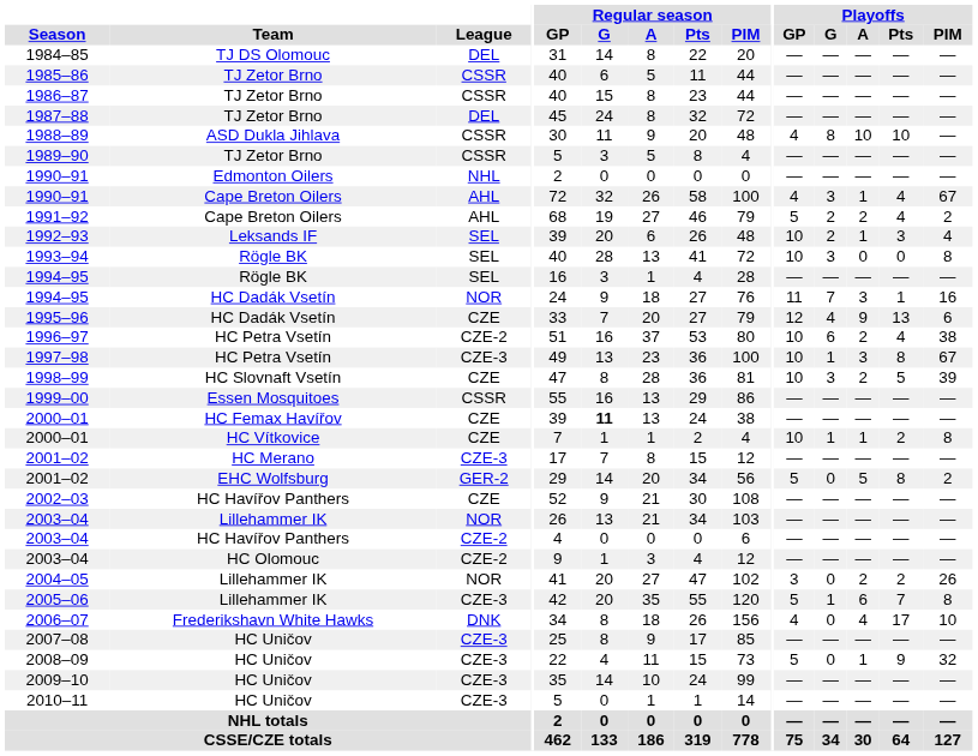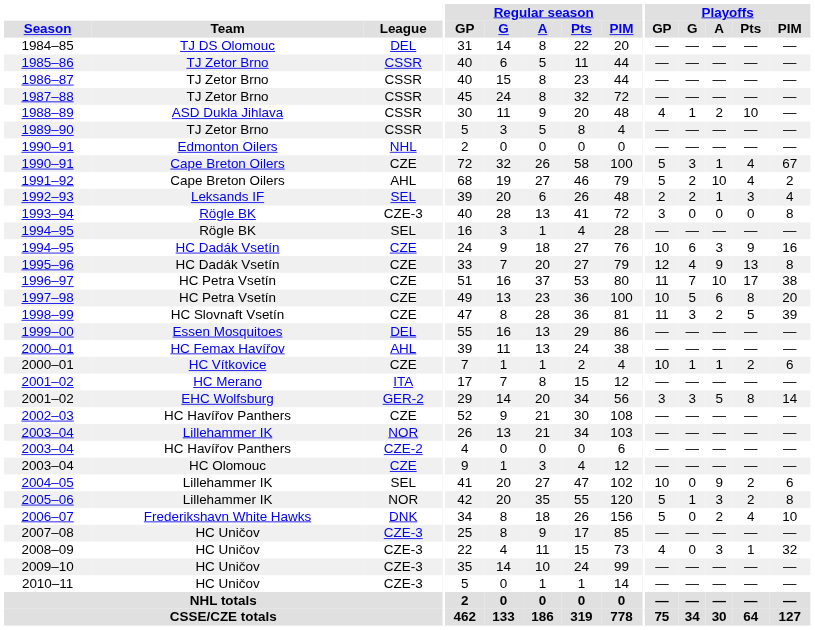 <table border="0" cellpadding="1" cellspacing="0" style="text-align:center; width:60em">
 <tr bgcolor="#e0e0e0">
 <th colspan="3" bgcolor="#ffffff"></th>
 <th rowspan="100" bgcolor="#ffffff"></th>
 <th colspan="5"><a href='#'>Regular season</a></th>
 <th rowspan="100" bgcolor="#ffffff"></th>
 <th colspan="5"><a href='#'>Playoffs</a></th>
 </tr>
 <tr bgcolor="#e0e0e0">
 <th><a href='#'>Season</a></th>
 <th>Team</th>
 <th>League</th>
 <th>GP</th>
 <th><a href='#'>G</a></th>
 <th><a href='#'>A</a></th>
 <th><a href='#'>Pts</a></th>
 <th><a href='#'>PIM</a></th>
 <th>GP</th>
 <th>G</th>
 <th>A</th>
 <th>Pts</th>
 <th>PIM</th>
 </tr>
 <tr>
 <td>1984–85</td>
 <td><a href='#'>TJ DS Olomouc</a></td>
 <td><a href='#'>DEL</a></td>
 <td>31</td>
 <td>14</td>
 <td>8</td>
 <td>22</td>
 <td>20</td>
 <td>—</td>
 <td>—</td>
 <td>—</td>
 <td>—</td>
 <td>—</td>
 </tr>
 <tr bgcolor="#f0f0f0">
 <td><a href='#'>1985–86</a></td>
 <td><a href='#'>TJ Zetor Brno</a></td>
 <td><a href='#'>CSSR</a></td>
 <td>40</td>
 <td>6</td>
 <td>5</td>
 <td>11</td>
 <td>44</td>
 <td>—</td>
 <td>—</td>
 <td>—</td>
 <td>—</td>
 <td>—</td>
 </tr>
 <tr>
 <td><a href='#'>1986–87</a></td>
 <td>TJ Zetor Brno</td>
 <td>CSSR</td>
 <td>40</td>
 <td>15</td>
 <td>8</td>
 <td>23</td>
 <td>44</td>
 <td>—</td>
 <td>—</td>
 <td>—</td>
 <td>—</td>
 <td>—</td>
 </tr>
 <tr bgcolor="#f0f0f0">
 <td><a href='#'>1987–88</a></td>
 <td>TJ Zetor Brno</td>
-<td><a href='#'>DEL</a></td>
+<td>CSSR</td>
 <td>45</td>
 <td>24</td>
 <td>8</td>
 <td>32</td>
 <td>72</td>
 <td>—</td>
 <td>—</td>
 <td>—</td>
 <td>—</td>
 <td>—</td>
 </tr>
 <tr>
 <td><a href='#'>1988–89</a></td>
 <td><a href='#'>ASD Dukla Jihlava</a></td>
 <td>CSSR</td>
 <td>30</td>
 <td>11</td>
 <td>9</td>
 <td>20</td>
 <td>48</td>
 <td>4</td>
-<td>8</td>
-<td>10</td>
+<td>1</td>
+<td>2</td>
 <td>10</td>
 <td>—</td>
 </tr>
 <tr bgcolor="#f0f0f">
 <td><a href='#'>1989–90</a></td>
 <td>TJ Zetor Brno</td>
 <td>CSSR</td>
 <td>5</td>
 <td>3</td>
 <td>5</td>
 <td>8</td>
 <td>4</td>
 <td>—</td>
 <td>—</td>
 <td>—</td>
 <td>—</td>
 <td>—</td>
 </tr>
 <tr>
 <td><a href='#'>1990–91</a></td>
 <td><a href='#'>Edmonton Oilers</a></td>
 <td><a href='#'>NHL</a></td>
 <td>2</td>
 <td>0</td>
 <td>0</td>
 <td>0</td>
 <td>0</td>
 <td>—</td>
 <td>—</td>
 <td>—</td>
 <td>—</td>
 <td>—</td>
 </tr>
 <tr bgcolor="#f0f0f0">
 <td><a href='#'>1990–91</a></td>
 <td><a href='#'>Cape Breton Oilers</a></td>
-<td><a href='#'>AHL</a></td>
+<td>CZE</td>
 <td>72</td>
 <td>32</td>
 <td>26</td>
 <td>58</td>
 <td>100</td>
-<td>4</td>
+<td>5</td>
 <td>3</td>
 <td>1</td>
 <td>4</td>
 <td>67</td>
 </tr>
 <tr>
 <td><a href='#'>1991–92</a></td>
 <td>Cape Breton Oilers</td>
 <td>AHL</td>
 <td>68</td>
 <td>19</td>
 <td>27</td>
 <td>46</td>
 <td>79</td>
 <td>5</td>
 <td>2</td>
-<td>2</td>
+<td>10</td>
 <td>4</td>
 <td>2</td>
 </tr>
 <tr bgcolor="#f0f0f0">
 <td><a href='#'>1992–93</a></td>
 <td><a href='#'>Leksands IF</a></td>
 <td><a href='#'>SEL</a></td>
 <td>39</td>
 <td>20</td>
 <td>6</td>
 <td>26</td>
 <td>48</td>
-<td>10</td>
+<td>2</td>
 <td>2</td>
 <td>1</td>
 <td>3</td>
 <td>4</td>
 </tr>
 <tr>
 <td><a href='#'>1993–94</a></td>
 <td><a href='#'>Rögle BK</a></td>
-<td>SEL</td>
+<td>CZE-3</td>
 <td>40</td>
 <td>28</td>
 <td>13</td>
 <td>41</td>
 <td>72</td>
-<td>10</td>
 <td>3</td>
+<td>0</td>
 <td>0</td>
 <td>0</td>
 <td>8</td>
 </tr>
 <tr bgcolor="#f0f0f0">
 <td><a href='#'>1994–95</a></td>
 <td>Rögle BK</td>
 <td>SEL</td>
 <td>16</td>
 <td>3</td>
 <td>1</td>
 <td>4</td>
 <td>28</td>
 <td>—</td>
 <td>—</td>
 <td>—</td>
 <td>—</td>
 <td>—</td>
 </tr>
 <tr>
 <td><a href='#'>1994–95</a></td>
 <td><a href='#'>HC Dadák Vsetín</a></td>
-<td><a href='#'>NOR</a></td>
+<td><a href='#'>CZE</a></td>
 <td>24</td>
 <td>9</td>
 <td>18</td>
 <td>27</td>
 <td>76</td>
-<td>11</td>
-<td>7</td>
+<td>10</td>
+<td>6</td>
 <td>3</td>
-<td>1</td>
+<td>9</td>
 <td>16</td>
 </tr>
 <tr bgcolor="#f0f0f0">
 <td><a href='#'>1995–96</a></td>
 <td>HC Dadák Vsetín</td>
 <td>CZE</td>
 <td>33</td>
 <td>7</td>
 <td>20</td>
 <td>27</td>
 <td>79</td>
 <td>12</td>
 <td>4</td>
 <td>9</td>
 <td>13</td>
-<td>6</td>
+<td>8</td>
 </tr>
 <tr>
 <td><a href='#'>1996–97</a></td>
 <td>HC Petra Vsetín</td>
-<td>CZE-2</td>
+<td>CZE</td>
 <td>51</td>
 <td>16</td>
 <td>37</td>
 <td>53</td>
 <td>80</td>
+<td>11</td>
+<td>7</td>
 <td>10</td>
-<td>6</td>
-<td>2</td>
-<td>4</td>
+<td>17</td>
 <td>38</td>
 </tr>
 <tr bgcolor="#f0f0f0">
 <td><a href='#'>1997–98</a></td>
 <td>HC Petra Vsetín</td>
-<td>CZE-3</td>
+<td>CZE</td>
 <td>49</td>
 <td>13</td>
 <td>23</td>
 <td>36</td>
 <td>100</td>
 <td>10</td>
-<td>1</td>
-<td>3</td>
+<td>5</td>
+<td>6</td>
 <td>8</td>
-<td>67</td>
+<td>20</td>
 </tr>
 <tr>
 <td><a href='#'>1998–99</a></td>
 <td>HC Slovnaft Vsetín</td>
 <td>CZE</td>
 <td>47</td>
 <td>8</td>
 <td>28</td>
 <td>36</td>
 <td>81</td>
-<td>10</td>
+<td>11</td>
 <td>3</td>
 <td>2</td>
 <td>5</td>
 <td>39</td>
 </tr>
 <tr bgcolor="#f0f0f0">
 <td><a href='#'>1999–00</a></td>
 <td><a href='#'>Essen Mosquitoes</a></td>
-<td>CSSR</td>
+<td><a href='#'>DEL</a></td>
 <td>55</td>
 <td>16</td>
 <td>13</td>
 <td>29</td>
 <td>86</td>
 <td>—</td>
 <td>—</td>
 <td>—</td>
 <td>—</td>
 <td>—</td>
 </tr>
 <tr>
 <td><a href='#'>2000–01</a></td>
 <td><a href='#'>HC Femax Havířov</a></td>
-<td>CZE</td>
+<td><a href='#'>AHL</a></td>
 <td>39</td>
-<td><strong>11</strong></td>
+<td>11</td>
 <td>13</td>
 <td>24</td>
 <td>38</td>
 <td>—</td>
 <td>—</td>
 <td>—</td>
 <td>—</td>
 <td>—</td>
 </tr>
 <tr bgcolor="#f0f0f0">
 <td>2000–01</td>
 <td><a href='#'>HC Vítkovice</a></td>
 <td>CZE</td>
 <td>7</td>
 <td>1</td>
 <td>1</td>
 <td>2</td>
 <td>4</td>
 <td>10</td>
 <td>1</td>
 <td>1</td>
 <td>2</td>
-<td>8</td>
+<td>6</td>
 </tr>
 <tr>
 <td><a href='#'>2001–02</a></td>
 <td><a href='#'>HC Merano</a></td>
-<td><a href='#'>CZE-3</a></td>
+<td><a href='#'>ITA</a></td>
 <td>17</td>
 <td>7</td>
 <td>8</td>
 <td>15</td>
 <td>12</td>
 <td>—</td>
 <td>—</td>
 <td>—</td>
 <td>—</td>
 <td>—</td>
 </tr>
 <tr bgcolor="#f0f0f0">
 <td>2001–02</td>
 <td><a href='#'>EHC Wolfsburg</a></td>
 <td><a href='#'>GER-2</a></td>
 <td>29</td>
 <td>14</td>
 <td>20</td>
 <td>34</td>
 <td>56</td>
-<td>5</td>
-<td>0</td>
+<td>3</td>
+<td>3</td>
 <td>5</td>
 <td>8</td>
-<td>2</td>
+<td>14</td>
 </tr>
 <tr>
 <td><a href='#'>2002–03</a></td>
 <td>HC Havířov Panthers</td>
 <td>CZE</td>
 <td>52</td>
 <td>9</td>
 <td>21</td>
 <td>30</td>
 <td>108</td>
 <td>—</td>
 <td>—</td>
 <td>—</td>
 <td>—</td>
 <td>—</td>
 </tr>
 <tr bgcolor="#f0f0f0">
 <td><a href='#'>2003–04</a></td>
 <td><a href='#'>Lillehammer IK</a></td>
 <td><a href='#'>NOR</a></td>
 <td>26</td>
 <td>13</td>
 <td>21</td>
 <td>34</td>
 <td>103</td>
 <td>—</td>
 <td>—</td>
 <td>—</td>
 <td>—</td>
 <td>—</td>
 </tr>
 <tr>
 <td><a href='#'>2003–04</a></td>
 <td>HC Havířov Panthers</td>
 <td><a href='#'>CZE-2</a></td>
 <td>4</td>
 <td>0</td>
 <td>0</td>
 <td>0</td>
 <td>6</td>
 <td>—</td>
 <td>—</td>
 <td>—</td>
 <td>—</td>
 <td>—</td>
 </tr>
 <tr bgcolor="#f0f0f0">
 <td>2003–04</td>
 <td>HC Olomouc</td>
-<td>CZE-2</td>
+<td><a href='#'>CZE</a></td>
 <td>9</td>
 <td>1</td>
 <td>3</td>
 <td>4</td>
 <td>12</td>
 <td>—</td>
 <td>—</td>
 <td>—</td>
 <td>—</td>
 <td>—</td>
 </tr>
 <tr>
 <td><a href='#'>2004–05</a></td>
 <td>Lillehammer IK</td>
-<td>NOR</td>
+<td>SEL</td>
 <td>41</td>
 <td>20</td>
 <td>27</td>
 <td>47</td>
 <td>102</td>
-<td>3</td>
+<td>10</td>
 <td>0</td>
+<td>9</td>
 <td>2</td>
-<td>2</td>
-<td>26</td>
+<td>6</td>
 </tr>
 <tr bgcolor="#f0f0f0">
 <td><a href='#'>2005–06</a></td>
 <td>Lillehammer IK</td>
-<td>CZE-3</td>
+<td>NOR</td>
 <td>42</td>
 <td>20</td>
 <td>35</td>
 <td>55</td>
 <td>120</td>
 <td>5</td>
 <td>1</td>
-<td>6</td>
-<td>7</td>
+<td>3</td>
+<td>2</td>
 <td>8</td>
 </tr>
 <tr>
 <td><a href='#'>2006–07</a></td>
 <td><a href='#'>Frederikshavn White Hawks</a></td>
 <td><a href='#'>DNK</a></td>
 <td>34</td>
 <td>8</td>
 <td>18</td>
 <td>26</td>
 <td>156</td>
+<td>5</td>
+<td>0</td>
+<td>2</td>
 <td>4</td>
-<td>0</td>
-<td>4</td>
-<td>17</td>
 <td>10</td>
 </tr>
 <tr bgcolor="#f0f0f0">
 <td>2007–08</td>
 <td>HC Uničov</td>
 <td><a href='#'>CZE-3</a></td>
 <td>25</td>
 <td>8</td>
 <td>9</td>
 <td>17</td>
 <td>85</td>
 <td>—</td>
 <td>—</td>
 <td>—</td>
 <td>—</td>
 <td>—</td>
 </tr>
 <tr>
 <td>2008–09</td>
 <td>HC Uničov</td>
 <td>CZE-3</td>
 <td>22</td>
 <td>4</td>
 <td>11</td>
 <td>15</td>
 <td>73</td>
-<td>5</td>
+<td>4</td>
 <td>0</td>
+<td>3</td>
 <td>1</td>
-<td>9</td>
 <td>32</td>
 </tr>
 <tr bgcolor="#f0f0f0">
 <td>2009–10</td>
 <td>HC Uničov</td>
 <td>CZE-3</td>
 <td>35</td>
 <td>14</td>
 <td>10</td>
 <td>24</td>
 <td>99</td>
 <td>—</td>
 <td>—</td>
 <td>—</td>
 <td>—</td>
 <td>—</td>
 </tr>
 <tr>
 <td>2010–11</td>
 <td>HC Uničov</td>
 <td>CZE-3</td>
 <td>5</td>
 <td>0</td>
 <td>1</td>
 <td>1</td>
 <td>14</td>
 <td>—</td>
 <td>—</td>
 <td>—</td>
 <td>—</td>
 <td>—</td>
 </tr>
 <tr bgcolor="#e0e0e0">
 <th colspan="3">NHL totals</th>
 <th>2</th>
 <th>0</th>
 <th>0</th>
 <th>0</th>
 <th>0</th>
 <th>—</th>
 <th>—</th>
 <th>—</th>
 <th>—</th>
 <th>—</th>
 </tr>
 <tr bgcolor="#e0e0e0">
 <th colspan="3">CSSE/CZE totals</th>
 <th>462</th>
 <th>133</th>
 <th>186</th>
 <th>319</th>
 <th>778</th>
 <th>75</th>
 <th>34</th>
 <th>30</th>
 <th>64</th>
 <th>127</th>
 </tr>
 </table>
